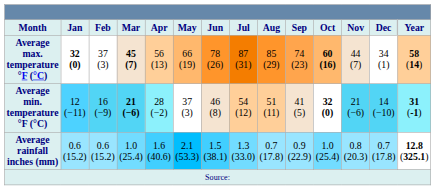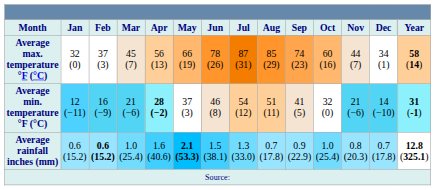 <table class="wikitable collapsible" style="width:700px;">
 <tr>
 <th colspan= "14" style="background: #6688AA; color: #6688AA"><span> Average maximum and minimum temperatures, and average rainfall.</span></th>
 </tr>
 <tr style="text-align:center;">
 <th style="background:#dcf0f0; color:navy; height:17px;">Month</th>
 <th style="background:#dcf0f0; color:navy;">Jan</th>
 <th style="background:#dcf0f0; color:navy;">Feb</th>
 <th style="background:#dcf0f0; color:navy;">Mar</th>
 <th style="background:#dcf0f0; color:navy;">Apr</th>
 <th style="background:#dcf0f0; color:navy;">May</th>
 <th style="background:#dcf0f0; color:navy;">Jun</th>
 <th style="background:#dcf0f0; color:navy;">Jul</th>
 <th style="background:#dcf0f0; color:navy;">Aug</th>
 <th style="background:#dcf0f0; color:navy;">Sep</th>
 <th style="background:#dcf0f0; color:navy;">Oct</th>
 <th style="background:#dcf0f0; color:navy;">Nov</th>
 <th style="background:#dcf0f0; color:navy;">Dec</th>
 <th style="background:#dcf0f0; color:navy; border-left:2px solid #bbb;"><strong>Year</strong></th>
 </tr>
 <tr style="text-align:center;">
 <th style="background:#dcf0f0; color:navy; height:16px;">Average max. temperature °<a href='#'>F</a> (<a href='#'>°C</a>)</th>
-<td style="background:#fff;"><strong>32<br>(0)</strong></td>
+<td style="background:#fff;">32<br>(0)</td>
 <td style="background:#fff;">37<br>(3)</td>
-<td style="background: #F5E4D1;"><strong>45<br>(7)</strong></td>
+<td style="background: #F5E4D1;">45<br>(7)</td>
 <td style="background: #FFCF99;">56<br>(13)</td>
 <td style="background: #FFB86D;">66<br>(19)</td>
 <td style="background: #FF952B;">78<br>(26)</td>
 <td style="background: #F47D00;">87<br>(31)</td>
 <td style="background: #FF952B;">85<br>(29)</td>
 <td style="background: #FFA54D;">74<br>(23)</td>
-<td style="background: #FFB86D;"><strong>60<br>(16)</strong></td>
+<td style="background: #FFB86D;">60<br>(16)</td>
 <td style="background: #F5E4D1;">44<br>(7)</td>
 <td style="background:#fff;">34<br>(1)</td>
 <td style="background: #FFCF99;"><strong>58</strong><br>(<strong>14</strong>)</td>
 </tr>
 <tr style="text-align:center;">
 <th style="background:#dcf0f0; color:navy;">Average min. temperature<br>°F (°C)</th>
 <td style="background: #4DD2FF;">12<br>(−11)</td>
 <td style="background: #52D5F5;">16<br>(−9)</td>
-<td style="background: #52D5F5;"><strong>21<br>(−6)</strong></td>
-<td style="background: #8CF1FC;">28<br>(−2)</td>
+<td style="background: #52D5F5;">21<br>(−6)</td>
+<td style="background: #8CF1FC;"><strong>28<br>(−2)</strong></td>
 <td style="background:#fff;">37<br>(3)</td>
 <td style="background: #F5E4D1;">46<br>(8)</td>
 <td style="background: #FFCF99;">54<br>(12)</td>
 <td style="background: #FFCF99;">51<br>(11)</td>
 <td style="background: #F5E4D1;">41<br>(5)</td>
-<td style="background:#fff;"><strong>32<br>(0)</strong></td>
+<td style="background:#fff;">32<br>(0)</td>
 <td style="background: #52D5F5;">21<br>(−6)</td>
 <td style="background: #52D5F5;">14<br>(−10)</td>
 <td style="background: #8CF1FC;"><strong>31</strong><br>(<strong>-1</strong>)</td>
 </tr>
 <tr style="text-align:center;">
 <th style="background:#dcf0f0; color:navy;">Average rainfall<br>inches (mm)</th>
 <td style="background: #99E5FF;">0.6<br>(15.2)</td>
-<td style="background: #99E5FF;">0.6<br>(15.2)</td>
+<td style="background: #99E5FF;"><strong>0.6<br>(15.2)</strong></td>
 <td style="background: #72DCFF;">1.0<br>(25.4)</td>
 <td style="background: #41CFFF;">1.6<br>(40.6)</td>
-<td style="background: #00BEFE;">2.1<br>(53.3)</td>
+<td style="background: #00BEFE;"><strong>2.1<br>(53.3)</strong></td>
 <td style="background: #41CFFF;">1.5<br>(38.1)</td>
 <td style="background: #72DCFF;">1.3<br>(33.0)</td>
 <td style="background: #99E5FF;">0.7<br>(17.8)</td>
 <td style="background: #99E5FF;">0.9<br>(22.9)</td>
 <td style="background: #72DCFF;">1.0<br>(25.4)</td>
 <td style="background: #99E5FF;">0.8<br>(20.3)</td>
 <td style="background: #99E5FF;">0.7<br>(17.8)</td>
 <td style="background:#fff;"><strong>12.8</strong><br>(<strong>325.1</strong>)</td>
 </tr>
 <tr>
 <td colspan="14" style="background:#dcf0f0; color:navy; text-align:center;"><small>Source:</small></td>
 </tr>
 </table>
